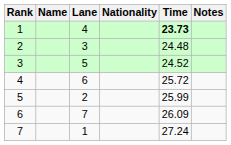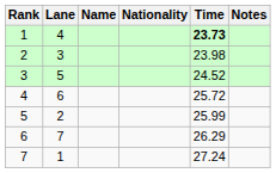 <table class="wikitable sortable" style="text-align:center">
 <tr>
 <th>Rank</th>
+<th>Lane</th>
 <th>Name</th>
-<th>Lane</th>
 <th>Nationality</th>
 <th>Time</th>
 <th>Notes</th>
 </tr>
 <tr bgcolor=ccffcc>
 <td>1</td>
+<td>4</td>
 <td align=left></td>
-<td>4</td>
 <td align=left></td>
 <td><strong>23.73</strong></td>
 <td><strong></strong> <strong></strong></td>
 </tr>
 <tr bgcolor=ccffcc>
 <td>2</td>
-<td align=left></td>
 <td>3</td>
 <td align=left></td>
-<td>24.48</td>
+<td align=left></td>
+<td>23.98</td>
 <td><strong></strong></td>
 </tr>
 <tr bgcolor=ccffcc>
 <td>3</td>
+<td>5</td>
 <td align=left></td>
-<td>5</td>
 <td align=left></td>
 <td>24.52</td>
 <td><strong></strong></td>
 </tr>
 <tr>
 <td>4</td>
+<td>6</td>
 <td align=left></td>
-<td>6</td>
 <td align=left></td>
 <td>25.72</td>
 <td></td>
 </tr>
 <tr>
 <td>5</td>
+<td>2</td>
 <td align=left></td>
-<td>2</td>
 <td align=left></td>
 <td>25.99</td>
 <td></td>
 </tr>
 <tr>
 <td>6</td>
-<td align=left></td>
 <td>7</td>
 <td align=left></td>
-<td>26.09</td>
+<td align=left></td>
+<td>26.29</td>
 <td></td>
 </tr>
 <tr>
 <td>7</td>
+<td>1</td>
 <td align=left></td>
-<td>1</td>
 <td align=left></td>
 <td>27.24</td>
 <td></td>
 </tr>
 </table>
